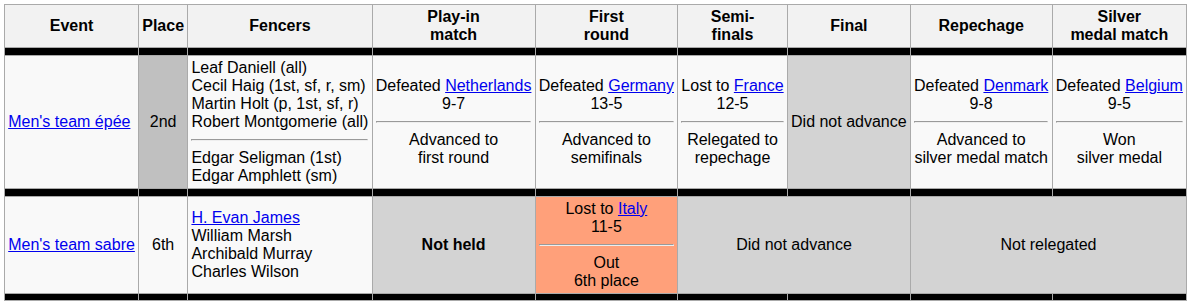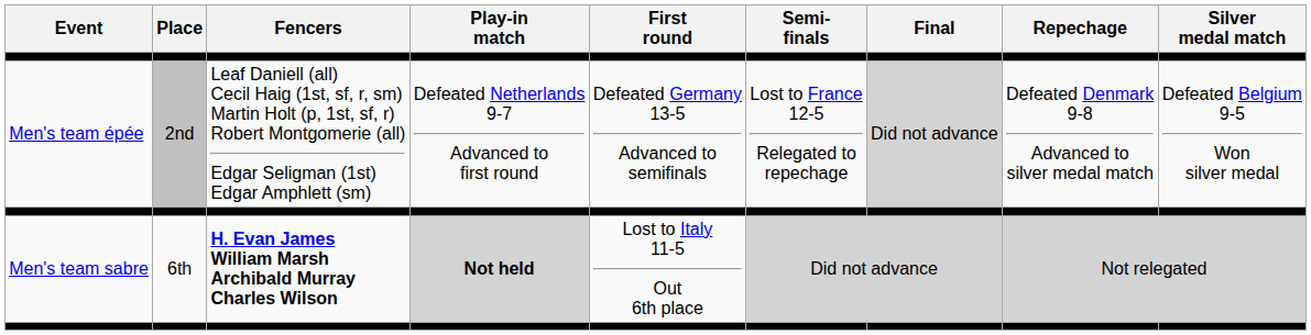 <table class=wikitable>
 <tr>
 <th>Event</th>
 <th>Place</th>
 <th>Fencers</th>
 <th>Play-in <br> match</th>
 <th>First <br> round</th>
 <th>Semi-<br>finals</th>
 <th>Final</th>
 <th>Repechage</th>
 <th>Silver <br> medal match</th>
 </tr>
 <tr bgcolor=black>
 <td></td>
 <td></td>
 <td></td>
 <td></td>
 <td></td>
 <td></td>
 <td></td>
 <td></td>
 <td></td>
 </tr>
 <tr align=center>
 <td align=left><a href='#'>Men's team épée</a></td>
 <td bgcolor=silver>2nd</td>
 <td align=left>Leaf Daniell (all) <br> Cecil Haig (1st, sf, r, sm) <br> Martin Holt (p, 1st, sf, r) <br> Robert Montgomerie (all) <hr> Edgar Seligman (1st) <br> Edgar Amphlett (sm)</td>
 <td>Defeated <a href='#'>Netherlands</a> <br> 9-7 <hr> Advanced to <br> first round</td>
 <td>Defeated <a href='#'>Germany</a> <br> 13-5 <hr> Advanced to <br> semifinals</td>
 <td>Lost to <a href='#'>France</a> <br> 12-5 <hr> Relegated to <br> repechage</td>
 <td bgcolor=lightgray>Did not advance</td>
 <td>Defeated <a href='#'>Denmark</a> <br> 9-8 <hr> Advanced to <br> silver medal match</td>
 <td>Defeated <a href='#'>Belgium</a> <br> 9-5 <hr> Won <br> silver medal</td>
 </tr>
 <tr bgcolor=black>
 <td></td>
 <td></td>
 <td></td>
 <td></td>
 <td></td>
 <td></td>
 <td></td>
 <td></td>
 <td></td>
 </tr>
 <tr align=center>
 <td align=left><a href='#'>Men's team sabre</a></td>
 <td>6th</td>
-<td align=left><a href='#'>H. Evan James</a> <br> William Marsh <br> Archibald Murray <br> Charles Wilson</td>
+<td align=left><strong><a href='#'>H. Evan James</a> <br> William Marsh <br> Archibald Murray <br> Charles Wilson</strong></td>
 <td bgcolor=lightgray><strong>Not held</strong></td>
-<td style="background: lightsalmon;">Lost to <a href='#'>Italy</a> <br> 11-5 <hr> Out <br> 6th place</td>
+<td>Lost to <a href='#'>Italy</a> <br> 11-5 <hr> Out <br> 6th place</td>
 <td colspan=2 bgcolor=lightgray>Did not advance</td>
 <td colspan=2 bgcolor=lightgray>Not relegated</td>
 </tr>
 <tr bgcolor=black>
 <td></td>
 <td></td>
 <td></td>
 <td></td>
 <td></td>
 <td></td>
 <td></td>
 <td></td>
 <td></td>
 </tr>
 </table>
